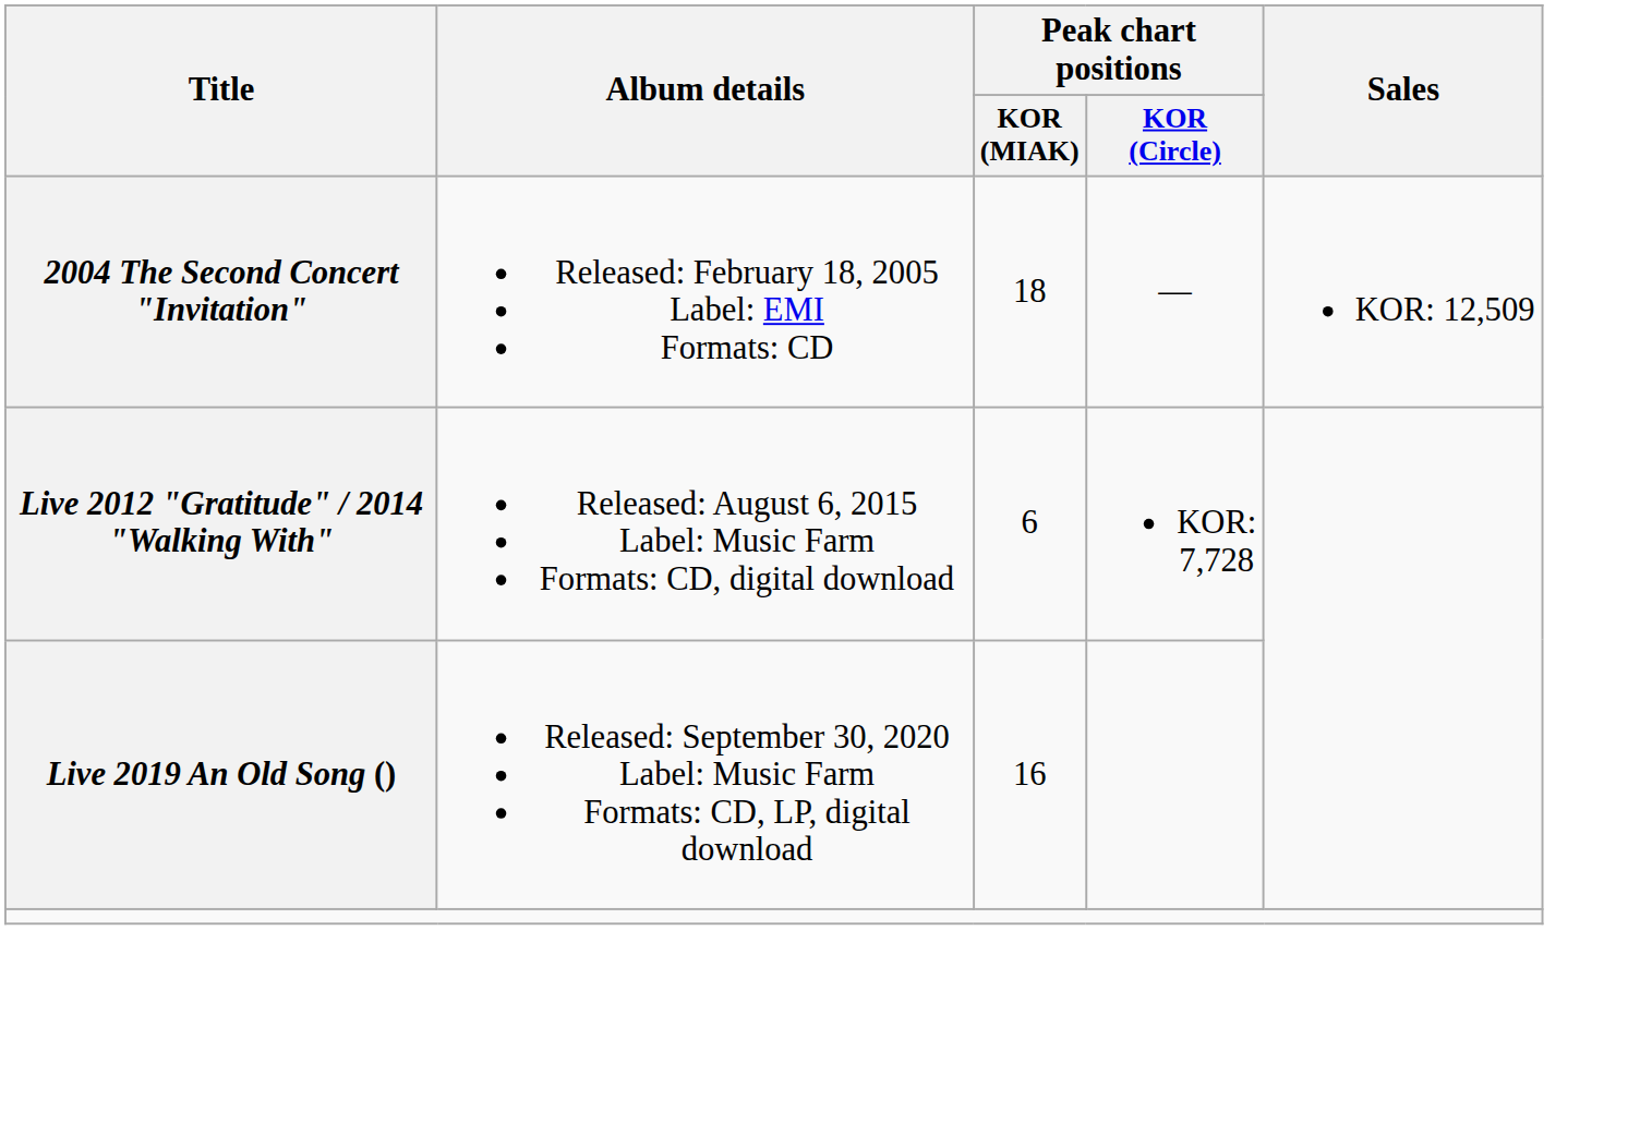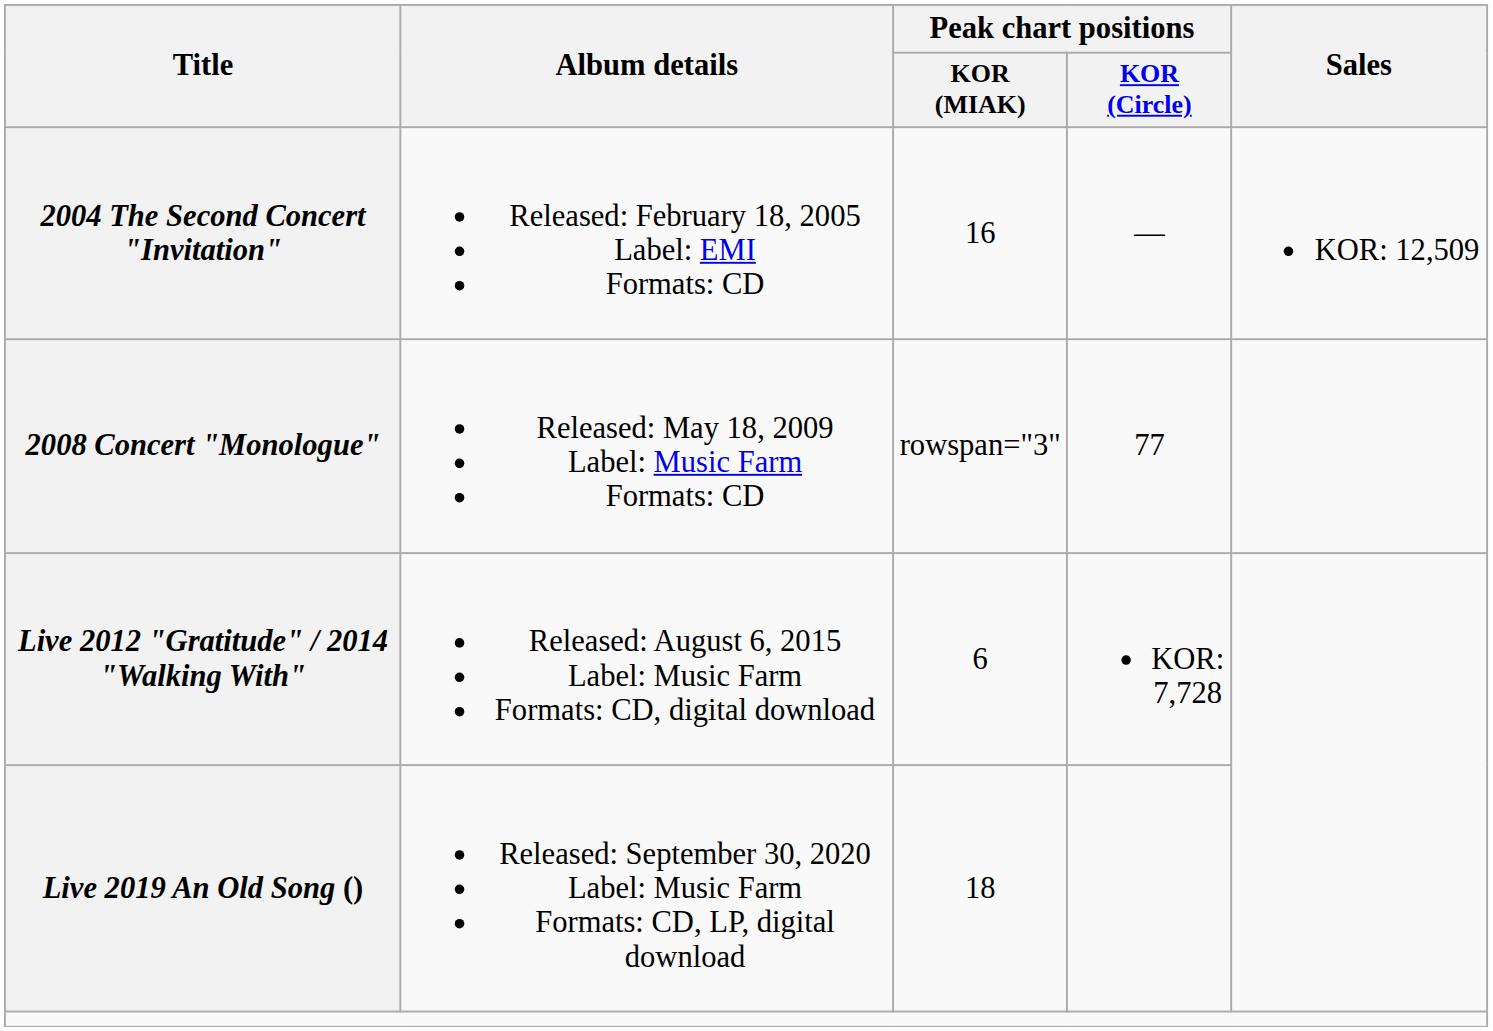 <table class="wikitable plainrowheaders" style="text-align:center;">
 <tr>
 <th scope="col" rowspan="2" width=200>Title</th>
 <th scope="col" rowspan="2" width=250>Album details</th>
 <th colspan="2" scope="col">Peak chart positions</th>
 <th scope="col" rowspan="2">Sales</th>
 </tr>
 <tr>
 <th scope="col" style="width:2.5em;font-size:85%;">KOR<br>(MIAK)<br></th>
 <th scope="col" style="width:2.5em;font-size:85%;"><a href='#'>KOR<br>(Circle)</a><br></th>
 </tr>
 <tr>
 <th scope="row"><em>2004 The Second Concert "Invitation"</em></th>
 <td><br><ul><li>Released: February 18, 2005</li><li>Label: <a href='#'>EMI</a></li><li>Formats: CD</li></ul></td>
-<td>18</td>
+<td>16</td>
 <td>—</td>
 <td><br><ul><li>KOR: 12,509</li></ul></td>
+</tr>
+<tr>
+<th scope="row"><em>2008 Concert "Monologue"</em></th>
+<td><br><ul><li>Released: May 18, 2009</li><li>Label: <a href='#'>Music Farm</a></li><li>Formats: CD</li></ul></td>
+<td>rowspan="3" </td>
+<td>77</td>
+<td></td>
 </tr>
 <tr>
 <th scope="row"><em>Live 2012 "Gratitude" / 2014 "Walking With"</em></th>
 <td><br><ul><li>Released: August 6, 2015</li><li>Label: Music Farm</li><li>Formats: CD, digital download</li></ul></td>
 <td>6</td>
 <td><br><ul><li>KOR: 7,728</li></ul></td>
 </tr>
 <tr>
 <th scope="row"><em>Live 2019 An Old Song</em> ()</th>
 <td><br><ul><li>Released: September 30, 2020</li><li>Label: Music Farm</li><li>Formats: CD, LP, digital download</li></ul></td>
-<td>16</td>
+<td>18</td>
 <td></td>
 </tr>
 <tr>
 <td colspan="5"></td>
 </tr>
 </table>
